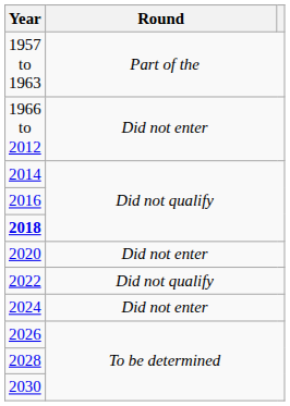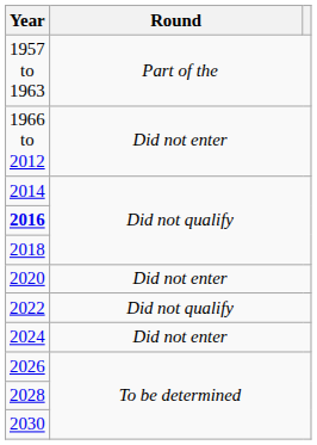 <table class="wikitable" style="text-align: center; font-size:90%">
 <tr>
 <th>Year</th>
 <th style="width:200px">Round</th>
 <th></th>
 </tr>
 <tr>
 <td>1957<br>to<br>1963</td>
 <td colspan="2"><em>Part of the </em></td>
 </tr>
 <tr>
 <td>1966<br>to<br><a href='#'>2012</a></td>
 <td colspan="2"><em>Did not enter</em></td>
 </tr>
 <tr>
 <td><a href='#'>2014</a></td>
 <td colspan="2" rowspan="3"><em>Did not qualify</em></td>
 </tr>
 <tr>
-<td><a href='#'>2016</a></td>
+<td><strong><a href='#'>2016</a></strong></td>
 </tr>
 <tr>
-<td><strong><a href='#'>2018</a></strong></td>
+<td><a href='#'>2018</a></td>
 </tr>
 <tr>
 <td><a href='#'>2020</a></td>
 <td colspan="2"><em>Did not enter</em></td>
 </tr>
 <tr>
 <td><a href='#'>2022</a></td>
 <td colspan="2"><em>Did not qualify</em></td>
 </tr>
 <tr>
 <td><a href='#'>2024</a></td>
 <td colspan="2"><em>Did not enter</em></td>
 </tr>
 <tr>
 <td><a href='#'>2026</a></td>
 <td colspan="2" rowspan="3"><em>To be determined</em></td>
 </tr>
 <tr>
 <td><a href='#'>2028</a></td>
 </tr>
 <tr>
 <td><a href='#'>2030</a></td>
 </tr>
 </table>
